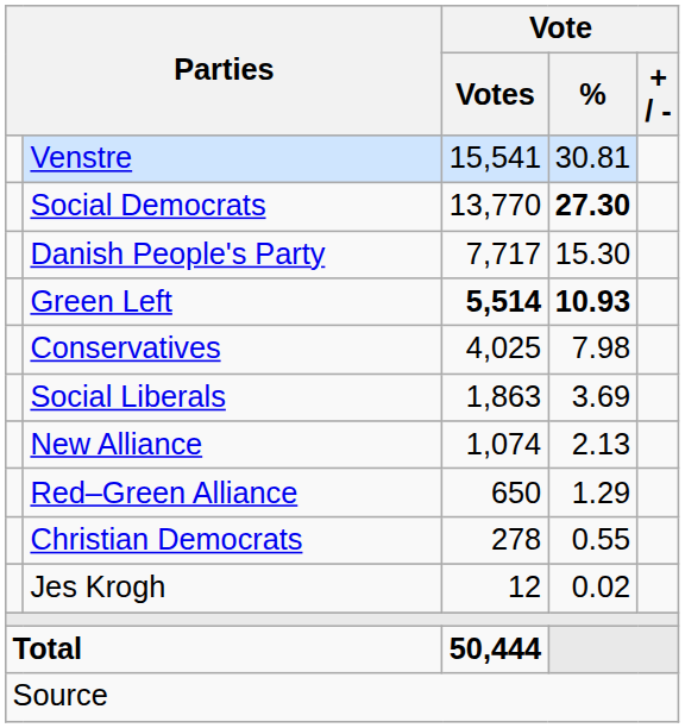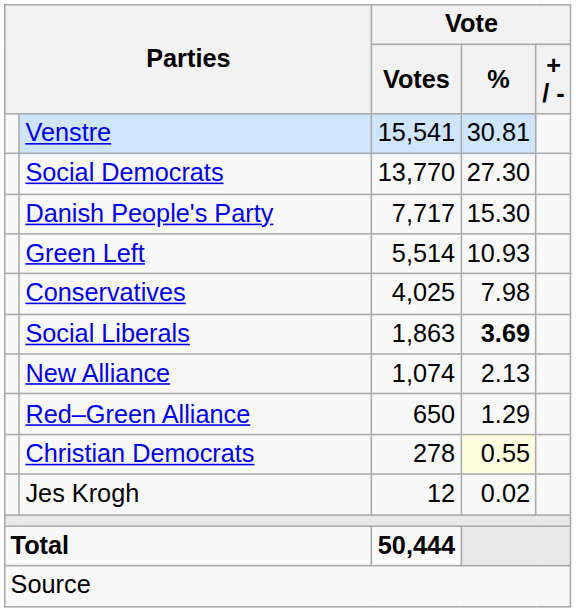 <table class="wikitable" style="text-align:right;">
 <tr>
 <th style="text-align:centre;" rowspan="2" colspan="2" width="225">Parties</th>
 <th colspan="3">Vote</th>
 </tr>
 <tr>
 <th width="15">Votes</th>
 <th width="15">%</th>
 <th width="15">+ / -</th>
 </tr>
 <tr>
 <td width="2" style="color:inherit;background:"></td>
 <td bgcolor=#cfe5fe  align="left"><a href='#'>Venstre</a></td>
 <td bgcolor=#cfe5fe>15,541</td>
 <td bgcolor=#cfe5fe>30.81</td>
 <td></td>
 </tr>
 <tr>
 <td width="2" style="color:inherit;background:"></td>
 <td align="left"><a href='#'>Social Democrats</a></td>
 <td>13,770</td>
-<td><strong>27.30</strong></td>
+<td>27.30</td>
 <td></td>
 </tr>
 <tr>
 <td width="2" style="color:inherit;background:"></td>
 <td align="left"><a href='#'>Danish People's Party</a></td>
 <td>7,717</td>
 <td>15.30</td>
 <td></td>
 </tr>
 <tr>
 <td width="2" style="color:inherit;background:"></td>
 <td align="left"><a href='#'>Green Left</a></td>
-<td><strong>5,514</strong></td>
-<td><strong>10.93</strong></td>
+<td>5,514</td>
+<td>10.93</td>
 <td></td>
 </tr>
 <tr>
 <td width="2" style="color:inherit;background:"></td>
 <td align="left"><a href='#'>Conservatives</a></td>
 <td>4,025</td>
 <td>7.98</td>
 <td></td>
 </tr>
 <tr>
 <td width="2" style="color:inherit;background:"></td>
 <td align="left"><a href='#'>Social Liberals</a></td>
 <td>1,863</td>
-<td>3.69</td>
+<td><strong>3.69</strong></td>
 <td></td>
 </tr>
 <tr>
 <td width="2" style="color:inherit;background:"></td>
 <td align="left"><a href='#'>New Alliance</a></td>
 <td>1,074</td>
 <td>2.13</td>
 <td></td>
 </tr>
 <tr>
 <td width="2" style="color:inherit;background:"></td>
 <td align="left"><a href='#'>Red–Green Alliance</a></td>
 <td>650</td>
 <td>1.29</td>
 <td></td>
 </tr>
 <tr>
 <td width="2" style="color:inherit;background:"></td>
 <td align="left"><a href='#'>Christian Democrats</a></td>
 <td>278</td>
-<td>0.55</td>
+<td style="background: lightyellow;">0.55</td>
 <td></td>
 </tr>
 <tr>
 <td width="2" style="color:inherit;background:"></td>
 <td align="left">Jes Krogh</td>
 <td>12</td>
 <td>0.02</td>
 <td></td>
 </tr>
 <tr>
 <td colspan="7" bgcolor="#E9E9E9"></td>
 </tr>
 <tr>
 <td align="left" colspan="2"><strong>Total</strong></td>
 <td><strong>50,444</strong></td>
 <td bgcolor="#E9E9E9" colspan="2"></td>
 </tr>
 <tr>
 <td align="left" colspan="6">Source</td>
 </tr>
 </table>
